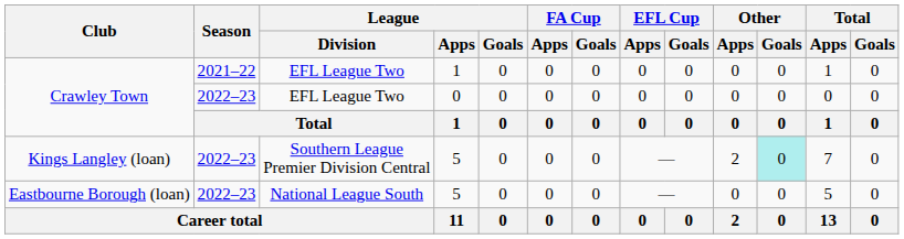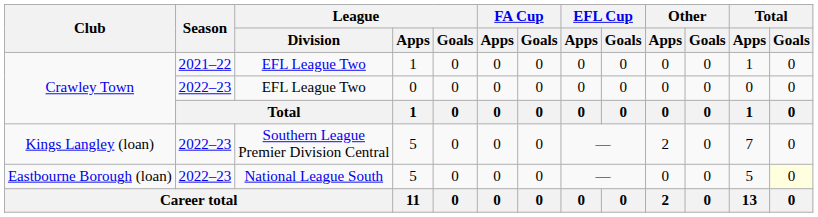 <table class="wikitable" style="text-align:center;">
 <tr>
 <th rowspan="2">Club</th>
 <th rowspan="2">Season</th>
 <th colspan="3">League</th>
 <th colspan="2"><a href='#'>FA Cup</a></th>
 <th colspan="2"><a href='#'>EFL Cup</a></th>
 <th colspan="2">Other</th>
 <th colspan="2">Total</th>
 </tr>
 <tr>
 <th>Division</th>
 <th>Apps</th>
 <th>Goals</th>
 <th>Apps</th>
 <th>Goals</th>
 <th>Apps</th>
 <th>Goals</th>
 <th>Apps</th>
 <th>Goals</th>
 <th>Apps</th>
 <th>Goals</th>
 </tr>
 <tr>
 <td rowspan=3><a href='#'>Crawley Town</a></td>
 <td><a href='#'>2021–22</a></td>
 <td><a href='#'>EFL League Two</a></td>
 <td>1</td>
 <td>0</td>
 <td>0</td>
 <td>0</td>
 <td>0</td>
 <td>0</td>
 <td>0</td>
 <td>0</td>
 <td>1</td>
 <td>0</td>
 </tr>
 <tr>
 <td><a href='#'>2022–23</a></td>
 <td>EFL League Two</td>
 <td>0</td>
 <td>0</td>
 <td>0</td>
 <td>0</td>
 <td>0</td>
 <td>0</td>
 <td>0</td>
 <td>0</td>
 <td>0</td>
 <td>0</td>
 </tr>
 <tr>
 <th colspan="2">Total</th>
 <th>1</th>
 <th>0</th>
 <th>0</th>
 <th>0</th>
 <th>0</th>
 <th>0</th>
 <th>0</th>
 <th>0</th>
 <th>1</th>
 <th>0</th>
 </tr>
 <tr>
 <td><a href='#'>Kings Langley</a> (loan)</td>
 <td><a href='#'>2022–23</a></td>
 <td><a href='#'>Southern League</a><br>Premier Division Central</td>
 <td>5</td>
 <td>0</td>
 <td>0</td>
 <td>0</td>
 <td colspan=2>—</td>
 <td>2</td>
-<td style="background: paleturquoise;">0</td>
+<td>0</td>
 <td>7</td>
 <td>0</td>
 </tr>
 <tr>
 <td><a href='#'>Eastbourne Borough</a> (loan)</td>
 <td><a href='#'>2022–23</a></td>
 <td><a href='#'>National League South</a></td>
 <td>5</td>
 <td>0</td>
 <td>0</td>
 <td>0</td>
 <td colspan=2>—</td>
 <td>0</td>
 <td>0</td>
 <td>5</td>
-<td>0</td>
+<td style="background: lightyellow;">0</td>
 </tr>
 <tr>
 <th colspan="3">Career total</th>
 <th>11</th>
 <th>0</th>
 <th>0</th>
 <th>0</th>
 <th>0</th>
 <th>0</th>
 <th>2</th>
 <th>0</th>
 <th>13</th>
 <th>0</th>
 </tr>
 </table>
